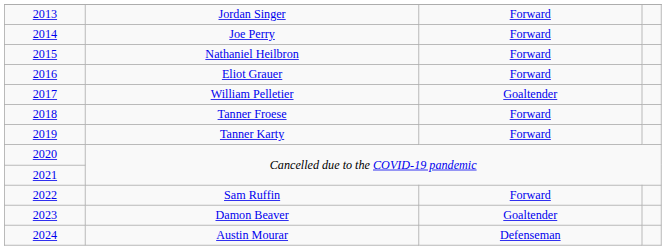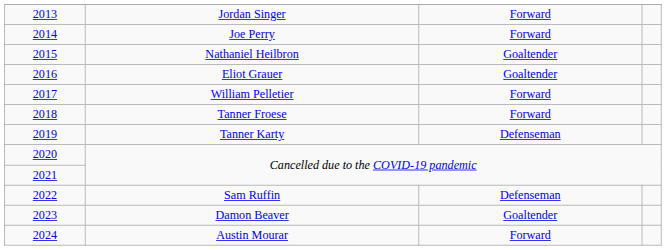 <table class="wikitable sortable" style="font-size: 95%;text-align: center;" width=65%>
 <tr>
 </tr>
 <tr>
 <td><a href='#'>2013</a></td>
 <td><a href='#'>Jordan Singer</a></td>
 <td><a href='#'>Forward</a></td>
 <td><strong><a href='#'></a></strong></td>
 </tr>
 <tr>
 <td><a href='#'>2014</a></td>
 <td><a href='#'>Joe Perry</a></td>
 <td><a href='#'>Forward</a></td>
 <td><strong><a href='#'></a></strong></td>
 </tr>
 <tr>
 <td><a href='#'>2015</a></td>
 <td><a href='#'>Nathaniel Heilbron</a></td>
-<td><a href='#'>Forward</a></td>
+<td><a href='#'>Goaltender</a></td>
 <td><strong><a href='#'></a></strong></td>
 </tr>
 <tr>
 <td><a href='#'>2016</a></td>
 <td><a href='#'>Eliot Grauer</a></td>
-<td><a href='#'>Forward</a></td>
+<td><a href='#'>Goaltender</a></td>
 <td><strong><a href='#'></a></strong></td>
 </tr>
 <tr>
 <td><a href='#'>2017</a></td>
 <td><a href='#'>William Pelletier</a></td>
-<td><a href='#'>Goaltender</a></td>
+<td><a href='#'>Forward</a></td>
 <td><strong><a href='#'></a></strong></td>
 </tr>
 <tr>
 <td><a href='#'>2018</a></td>
 <td><a href='#'>Tanner Froese</a></td>
 <td><a href='#'>Forward</a></td>
 <td><strong><a href='#'></a></strong></td>
 </tr>
 <tr>
 <td><a href='#'>2019</a></td>
 <td><a href='#'>Tanner Karty</a></td>
-<td><a href='#'>Forward</a></td>
+<td><a href='#'>Defenseman</a></td>
 <td><strong><a href='#'></a></strong></td>
 </tr>
 <tr>
 <td><a href='#'>2020</a></td>
 <td colspan=3 rowspan=2 align=center><em>Cancelled due to the <a href='#'>COVID-19 pandemic</a></em></td>
 </tr>
 <tr>
 <td><a href='#'>2021</a></td>
 </tr>
 <tr>
 <td><a href='#'>2022</a></td>
 <td><a href='#'>Sam Ruffin</a></td>
-<td><a href='#'>Forward</a></td>
+<td><a href='#'>Defenseman</a></td>
 <td><strong><a href='#'></a></strong></td>
 </tr>
 <tr>
 <td><a href='#'>2023</a></td>
 <td><a href='#'>Damon Beaver</a></td>
 <td><a href='#'>Goaltender</a></td>
 <td><strong><a href='#'></a></strong></td>
 </tr>
 <tr>
 <td><a href='#'>2024</a></td>
 <td><a href='#'>Austin Mourar</a></td>
-<td><a href='#'>Defenseman</a></td>
+<td><a href='#'>Forward</a></td>
 <td><strong><a href='#'></a></strong></td>
 </tr>
 </table>
